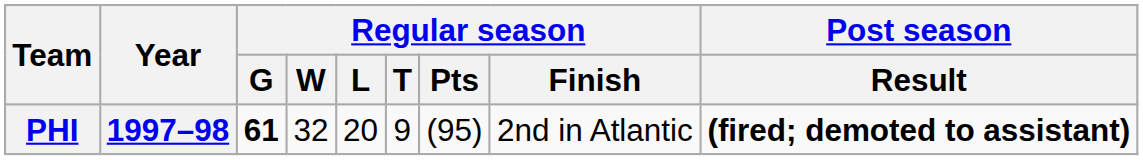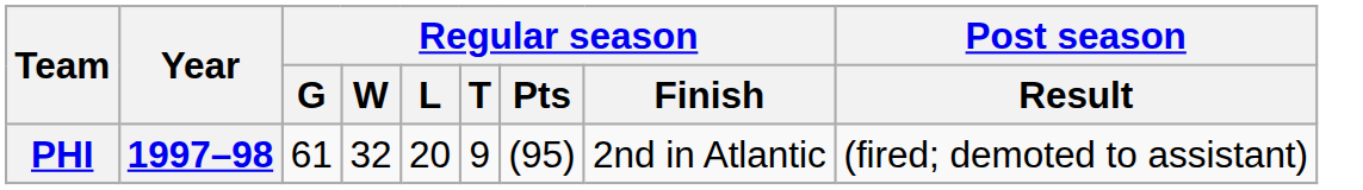 <table class="wikitable" style="font-size: 95%; text-align:center;">
 <tr>
 <th rowspan="2">Team</th>
 <th rowspan="2">Year</th>
 <th colspan="6"><a href='#'>Regular season</a></th>
 <th><a href='#'>Post season</a></th>
 </tr>
 <tr>
 <th>G</th>
 <th>W</th>
 <th>L</th>
 <th>T</th>
 <th>Pts</th>
 <th>Finish</th>
 <th>Result</th>
 </tr>
 <tr>
 <th><a href='#'>PHI</a></th>
 <th><a href='#'>1997–98</a></th>
-<td><strong>61</strong></td>
+<td>61</td>
 <td>32</td>
 <td>20</td>
 <td>9</td>
 <td>(95)</td>
 <td>2nd in Atlantic</td>
-<td><strong>(fired; demoted to assistant)</strong></td>
+<td>(fired; demoted to assistant)</td>
 </tr>
 </table>
